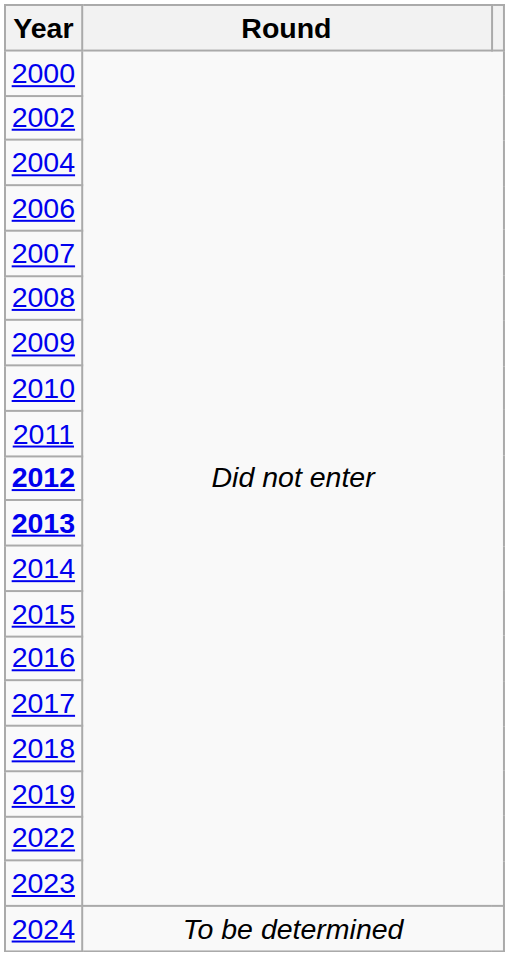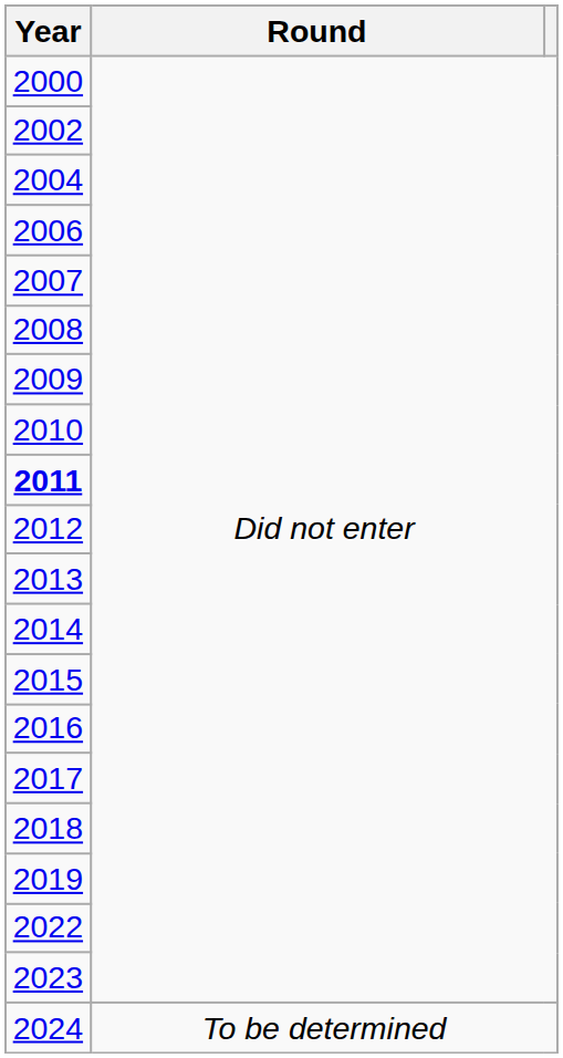 <table class="wikitable" style="text-align: center; font-size:90%">
 <tr>
 <th>Year</th>
 <th style="width:200px">Round</th>
 <th></th>
 </tr>
 <tr>
 <td><a href='#'>2000</a></td>
 <td colspan="2" rowspan="19"><em>Did not enter</em></td>
 </tr>
 <tr>
 <td><a href='#'>2002</a></td>
 </tr>
 <tr>
 <td><a href='#'>2004</a></td>
 </tr>
 <tr>
 <td><a href='#'>2006</a></td>
 </tr>
 <tr>
 <td><a href='#'>2007</a></td>
 </tr>
 <tr>
 <td><a href='#'>2008</a></td>
 </tr>
 <tr>
 <td><a href='#'>2009</a></td>
 </tr>
 <tr>
 <td><a href='#'>2010</a></td>
 </tr>
 <tr>
-<td><a href='#'>2011</a></td>
+<td><strong><a href='#'>2011</a></strong></td>
 </tr>
 <tr>
-<td><strong><a href='#'>2012</a></strong></td>
+<td><a href='#'>2012</a></td>
 </tr>
 <tr>
-<td><strong><a href='#'>2013</a></strong></td>
+<td><a href='#'>2013</a></td>
 </tr>
 <tr>
 <td><a href='#'>2014</a></td>
 </tr>
 <tr>
 <td><a href='#'>2015</a></td>
 </tr>
 <tr>
 <td><a href='#'>2016</a></td>
 </tr>
 <tr>
 <td><a href='#'>2017</a></td>
 </tr>
 <tr>
 <td><a href='#'>2018</a></td>
 </tr>
 <tr>
 <td><a href='#'>2019</a></td>
 </tr>
 <tr>
 <td><a href='#'>2022</a></td>
 </tr>
 <tr>
 <td><a href='#'>2023</a></td>
 </tr>
 <tr>
 <td><a href='#'>2024</a></td>
 <td colspan="2"><em>To be determined</em></td>
 </tr>
 </table>
